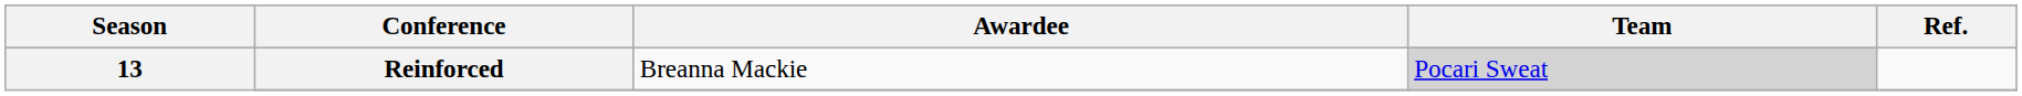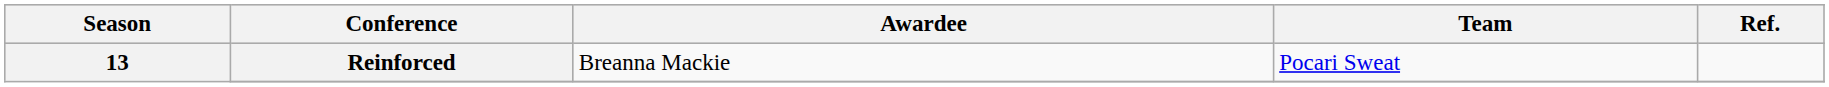 <table class="wikitable" style="font-size:90%; width:90%">
 <tr>
 <th width="50">Season</th>
 <th width="80">Conference</th>
 <th width="170">Awardee</th>
 <th width="100">Team</th>
 <th width="20">Ref.</th>
 </tr>
 <tr>
 <th rowspan="3">13</th>
 <th>Reinforced</th>
 <td> Breanna Mackie</td>
-<td style="background: lightgrey;"> <a href='#'>Pocari Sweat</a></td>
+<td> <a href='#'>Pocari Sweat</a></td>
 <td></td>
 </tr>
 <tr>
 </tr>
 </table>
